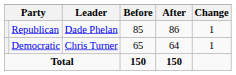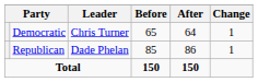 <table class="wikitable" style="text-align:center;">
 <tr>
 </tr>
 <tr>
 <th colspan=2>Party</th>
 <th>Leader</th>
 <th style="width:3em">Before</th>
 <th style="width:3em">After</th>
 <th style="width:3em">Change</th>
 </tr>
 <tr>
 <th style="background-color:"></th>
+<td style="text-align:left;"><a href='#'>Democratic</a></td>
+<td style="text-align:left;"><a href='#'>Chris Turner</a></td>
+<td>65</td>
+<td>64</td>
+<td> 1</td>
+</tr>
+<tr>
+<th style="background-color:"></th>
 <td style="text-align:left;"><a href='#'>Republican</a></td>
 <td style="text-align:left;"><a href='#'>Dade Phelan</a></td>
 <td>85</td>
 <td>86</td>
-<td> 1</td>
-</tr>
-<tr>
-<th style="background-color:"></th>
-<td style="text-align:left;"><a href='#'>Democratic</a></td>
-<td style="text-align:left;"><a href='#'>Chris Turner</a></td>
-<td>65</td>
-<td>64</td>
 <td> 1</td>
 </tr>
 <tr>
 <td colspan=3><strong>Total</strong></td>
 <td><strong>150</strong></td>
 <td><strong>150</strong></td>
 <td></td>
 </tr>
 </table>
